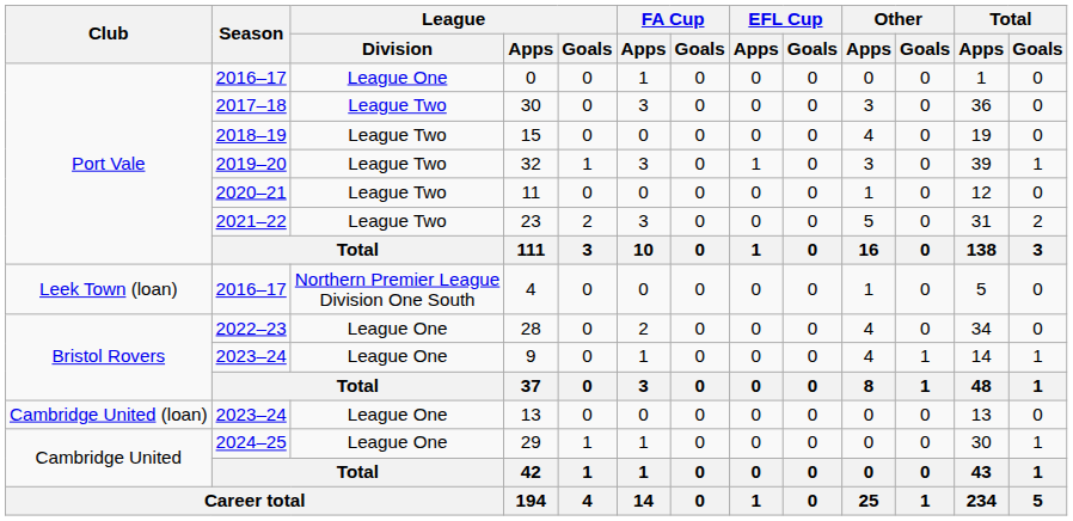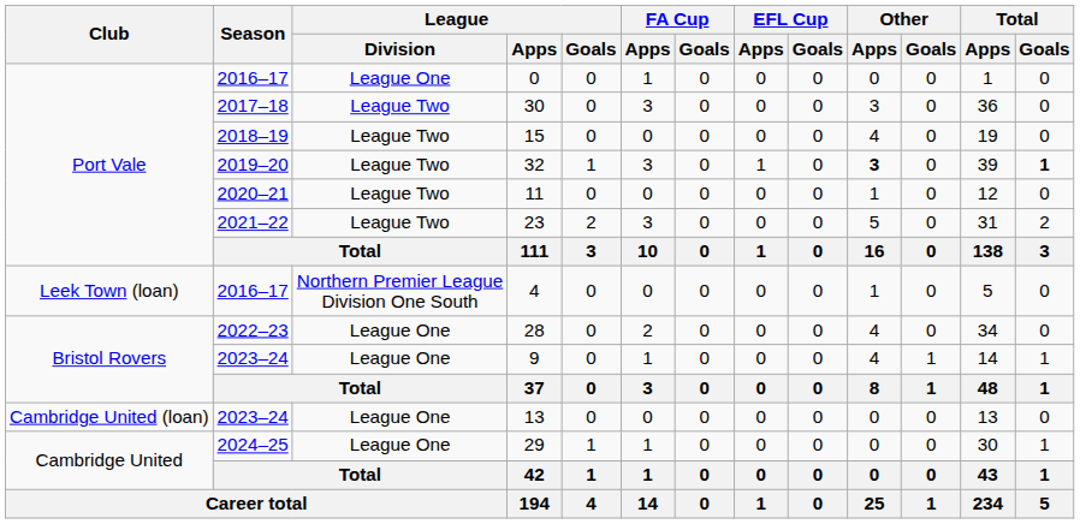 <table class=wikitable style=text-align:center>
 <tr>
 <th rowspan="2">Club</th>
 <th rowspan="2">Season</th>
 <th colspan="3">League</th>
 <th colspan="2"><a href='#'>FA Cup</a></th>
 <th colspan="2"><a href='#'>EFL Cup</a></th>
 <th colspan="2">Other</th>
 <th colspan="2">Total</th>
 </tr>
 <tr>
 <th>Division</th>
 <th>Apps</th>
 <th>Goals</th>
 <th>Apps</th>
 <th>Goals</th>
 <th>Apps</th>
 <th>Goals</th>
 <th>Apps</th>
 <th>Goals</th>
 <th>Apps</th>
 <th>Goals</th>
 </tr>
 <tr>
 <td rowspan="7"><a href='#'>Port Vale</a></td>
 <td><a href='#'>2016–17</a></td>
 <td><a href='#'>League One</a></td>
 <td>0</td>
 <td>0</td>
 <td>1</td>
 <td>0</td>
 <td>0</td>
 <td>0</td>
 <td>0</td>
 <td>0</td>
 <td>1</td>
 <td>0</td>
 </tr>
 <tr>
 <td><a href='#'>2017–18</a></td>
 <td><a href='#'>League Two</a></td>
 <td>30</td>
 <td>0</td>
 <td>3</td>
 <td>0</td>
 <td>0</td>
 <td>0</td>
 <td>3</td>
 <td>0</td>
 <td>36</td>
 <td>0</td>
 </tr>
 <tr>
 <td><a href='#'>2018–19</a></td>
 <td>League Two</td>
 <td>15</td>
 <td>0</td>
 <td>0</td>
 <td>0</td>
 <td>0</td>
 <td>0</td>
 <td>4</td>
 <td>0</td>
 <td>19</td>
 <td>0</td>
 </tr>
 <tr>
 <td><a href='#'>2019–20</a></td>
 <td>League Two</td>
 <td>32</td>
 <td>1</td>
 <td>3</td>
 <td>0</td>
 <td>1</td>
 <td>0</td>
-<td>3</td>
+<td><strong>3</strong></td>
 <td>0</td>
 <td>39</td>
-<td>1</td>
+<td><strong>1</strong></td>
 </tr>
 <tr>
 <td><a href='#'>2020–21</a></td>
 <td>League Two</td>
 <td>11</td>
 <td>0</td>
 <td>0</td>
 <td>0</td>
 <td>0</td>
 <td>0</td>
 <td>1</td>
 <td>0</td>
 <td>12</td>
 <td>0</td>
 </tr>
 <tr>
 <td><a href='#'>2021–22</a></td>
 <td>League Two</td>
 <td>23</td>
 <td>2</td>
 <td>3</td>
 <td>0</td>
 <td>0</td>
 <td>0</td>
 <td>5</td>
 <td>0</td>
 <td>31</td>
 <td>2</td>
 </tr>
 <tr>
 <th colspan="2">Total</th>
 <th>111</th>
 <th>3</th>
 <th>10</th>
 <th>0</th>
 <th>1</th>
 <th>0</th>
 <th>16</th>
 <th>0</th>
 <th>138</th>
 <th>3</th>
 </tr>
 <tr>
 <td><a href='#'>Leek Town</a> (loan)</td>
 <td><a href='#'>2016–17</a></td>
 <td><a href='#'>Northern Premier League</a><br>Division One South</td>
 <td>4</td>
 <td>0</td>
 <td>0</td>
 <td>0</td>
 <td>0</td>
 <td>0</td>
 <td>1</td>
 <td>0</td>
 <td>5</td>
 <td>0</td>
 </tr>
 <tr>
 <td rowspan="3"><a href='#'>Bristol Rovers</a></td>
 <td><a href='#'>2022–23</a></td>
 <td>League One</td>
 <td>28</td>
 <td>0</td>
 <td>2</td>
 <td>0</td>
 <td>0</td>
 <td>0</td>
 <td>4</td>
 <td>0</td>
 <td>34</td>
 <td>0</td>
 </tr>
 <tr>
 <td><a href='#'>2023–24</a></td>
 <td>League One</td>
 <td>9</td>
 <td>0</td>
 <td>1</td>
 <td>0</td>
 <td>0</td>
 <td>0</td>
 <td>4</td>
 <td>1</td>
 <td>14</td>
 <td>1</td>
 </tr>
 <tr>
 <th colspan="2">Total</th>
 <th>37</th>
 <th>0</th>
 <th>3</th>
 <th>0</th>
 <th>0</th>
 <th>0</th>
 <th>8</th>
 <th>1</th>
 <th>48</th>
 <th>1</th>
 </tr>
 <tr>
 <td><a href='#'>Cambridge United</a> (loan)</td>
 <td><a href='#'>2023–24</a></td>
 <td>League One</td>
 <td>13</td>
 <td>0</td>
 <td>0</td>
 <td>0</td>
 <td>0</td>
 <td>0</td>
 <td>0</td>
 <td>0</td>
 <td>13</td>
 <td>0</td>
 </tr>
 <tr>
 <td rowspan="2">Cambridge United</td>
 <td><a href='#'>2024–25</a></td>
 <td>League One</td>
 <td>29</td>
 <td>1</td>
 <td>1</td>
 <td>0</td>
 <td>0</td>
 <td>0</td>
 <td>0</td>
 <td>0</td>
 <td>30</td>
 <td>1</td>
 </tr>
 <tr>
 <th colspan="2">Total</th>
 <th>42</th>
 <th>1</th>
 <th>1</th>
 <th>0</th>
 <th>0</th>
 <th>0</th>
 <th>0</th>
 <th>0</th>
 <th>43</th>
 <th>1</th>
 </tr>
 <tr>
 <th colspan="3">Career total</th>
 <th>194</th>
 <th>4</th>
 <th>14</th>
 <th>0</th>
 <th>1</th>
 <th>0</th>
 <th>25</th>
 <th>1</th>
 <th>234</th>
 <th>5</th>
 </tr>
 </table>
